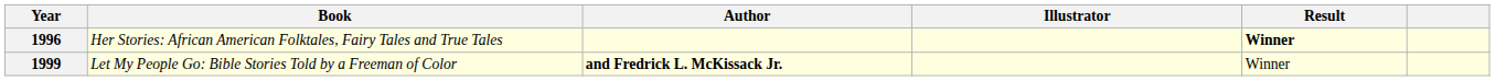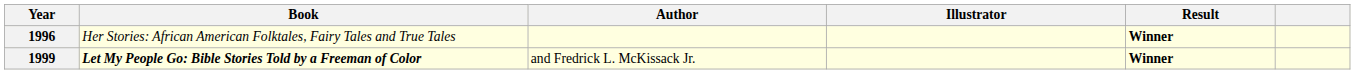 <table class="wikitable sortable mw-collapsible" style="width:100%">
 <tr style=background:lightyellow>
 <th scope="col"  style="width:5%;">Year</th>
 <th scope="col"  style="width:30%">Book</th>
 <th scope="col"  style="width:20%;">Author</th>
 <th scope="col"  style="width:20%;">Illustrator</th>
 <th scope="col" width="10%">Result</th>
 <th scope="col"  style="width:5%;"></th>
 </tr>
 <tr style=background:lightyellow>
 <th>1996</th>
 <td><em>Her Stories: African American Folktales, Fairy Tales and True Tales</em></td>
 <td></td>
 <td></td>
 <td><strong>Winner</strong></td>
 <td></td>
 </tr>
 <tr style="background:lightyellow">
 <th>1999</th>
-<td><em>Let My People Go: Bible Stories Told by a Freeman of Color</em></td>
-<td><strong> and Fredrick L. McKissack Jr.</strong></td>
+<td><strong><em>Let My People Go: Bible Stories Told by a Freeman of Color</em></strong></td>
+<td> and Fredrick L. McKissack Jr.</td>
 <td></td>
-<td>Winner</td>
+<td><strong>Winner</strong></td>
 <td rowspan="2"></td>
 </tr>
 </table>
